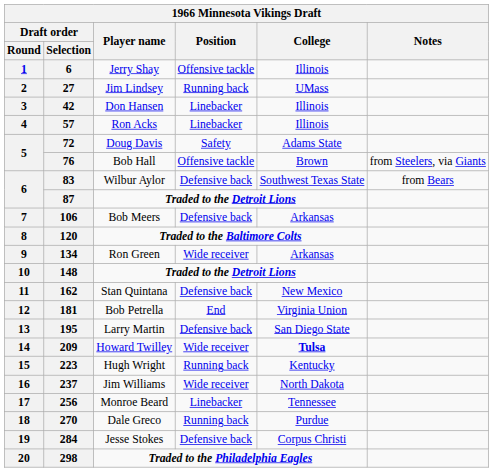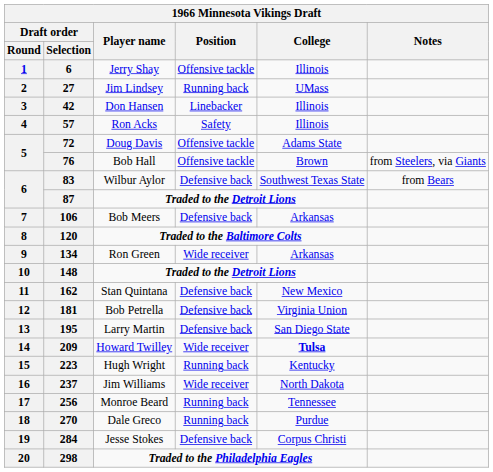 <table class="wikitable" style="text-align:center">
 <tr>
 <th colspan="6">1966 Minnesota Vikings Draft</th>
 </tr>
 <tr>
 <th colspan="2">Draft order</th>
 <th rowspan="2">Player name</th>
 <th rowspan="2">Position</th>
 <th rowspan="2">College</th>
 <th rowspan="2">Notes</th>
 </tr>
 <tr>
 <th>Round</th>
 <th>Selection</th>
 </tr>
 <tr>
 <th><a href='#'>1</a></th>
 <th>6</th>
 <td><a href='#'>Jerry Shay</a></td>
 <td><a href='#'>Offensive tackle</a></td>
 <td><a href='#'>Illinois</a></td>
 <td></td>
 </tr>
 <tr>
 <th>2</th>
 <th>27</th>
 <td><a href='#'>Jim Lindsey</a></td>
 <td><a href='#'>Running back</a></td>
 <td><a href='#'>UMass</a></td>
 <td></td>
 </tr>
 <tr>
 <th>3</th>
 <th>42</th>
 <td><a href='#'>Don Hansen</a></td>
 <td><a href='#'>Linebacker</a></td>
 <td><a href='#'>Illinois</a></td>
 <td></td>
 </tr>
 <tr>
 <th>4</th>
 <th>57</th>
 <td><a href='#'>Ron Acks</a></td>
-<td><a href='#'>Linebacker</a></td>
+<td><a href='#'>Safety</a></td>
 <td><a href='#'>Illinois</a></td>
 <td></td>
 </tr>
 <tr>
 <th rowspan="2">5</th>
 <th>72</th>
 <td><a href='#'>Doug Davis</a></td>
-<td><a href='#'>Safety</a></td>
+<td><a href='#'>Offensive tackle</a></td>
 <td><a href='#'>Adams State</a></td>
 <td></td>
 </tr>
 <tr>
 <th>76</th>
 <td>Bob Hall</td>
 <td><a href='#'>Offensive tackle</a></td>
 <td><a href='#'>Brown</a></td>
 <td>from <a href='#'>Steelers</a>, via <a href='#'>Giants</a></td>
 </tr>
 <tr>
 <th rowspan="2">6</th>
 <th>83</th>
 <td>Wilbur Aylor</td>
 <td><a href='#'>Defensive back</a></td>
 <td><a href='#'>Southwest Texas State</a></td>
 <td>from <a href='#'>Bears</a></td>
 </tr>
 <tr>
 <th>87</th>
 <td colspan="3"><strong><em>Traded to the <a href='#'>Detroit Lions</a></em></strong></td>
 <td></td>
 </tr>
 <tr>
 <th>7</th>
 <th>106</th>
 <td>Bob Meers</td>
 <td><a href='#'>Defensive back</a></td>
 <td><a href='#'>Arkansas</a></td>
 <td></td>
 </tr>
 <tr>
 <th>8</th>
 <th>120</th>
 <td colspan="3"><strong><em>Traded to the <a href='#'>Baltimore Colts</a></em></strong></td>
 <td></td>
 </tr>
 <tr>
 <th>9</th>
 <th>134</th>
 <td>Ron Green</td>
 <td><a href='#'>Wide receiver</a></td>
 <td><a href='#'>Arkansas</a></td>
 <td></td>
 </tr>
 <tr>
 <th>10</th>
 <th>148</th>
 <td colspan="3"><strong><em>Traded to the <a href='#'>Detroit Lions</a></em></strong></td>
 <td></td>
 </tr>
 <tr>
 <th>11</th>
 <th>162</th>
 <td>Stan Quintana</td>
 <td><a href='#'>Defensive back</a></td>
 <td><a href='#'>New Mexico</a></td>
 <td></td>
 </tr>
 <tr>
 <th>12</th>
 <th>181</th>
 <td>Bob Petrella</td>
-<td><a href='#'>End</a></td>
+<td><a href='#'>Defensive back</a></td>
 <td><a href='#'>Virginia Union</a></td>
 <td></td>
 </tr>
 <tr>
 <th>13</th>
 <th>195</th>
 <td>Larry Martin</td>
 <td><a href='#'>Defensive back</a></td>
 <td><a href='#'>San Diego State</a></td>
 <td></td>
 </tr>
 <tr>
 <th>14</th>
 <th>209</th>
 <td><a href='#'>Howard Twilley</a></td>
 <td><a href='#'>Wide receiver</a></td>
 <td><strong><a href='#'>Tulsa</a></strong></td>
 <td></td>
 </tr>
 <tr>
 <th>15</th>
 <th>223</th>
 <td>Hugh Wright</td>
 <td><a href='#'>Running back</a></td>
 <td><a href='#'>Kentucky</a></td>
 <td></td>
 </tr>
 <tr>
 <th>16</th>
 <th>237</th>
 <td>Jim Williams</td>
 <td><a href='#'>Wide receiver</a></td>
 <td><a href='#'>North Dakota</a></td>
 <td></td>
 </tr>
 <tr>
 <th>17</th>
 <th>256</th>
 <td>Monroe Beard</td>
-<td><a href='#'>Linebacker</a></td>
+<td><a href='#'>Running back</a></td>
 <td><a href='#'>Tennessee</a></td>
 <td></td>
 </tr>
 <tr>
 <th>18</th>
 <th>270</th>
 <td>Dale Greco</td>
 <td><a href='#'>Running back</a></td>
 <td><a href='#'>Purdue</a></td>
 <td></td>
 </tr>
 <tr>
 <th>19</th>
 <th>284</th>
 <td>Jesse Stokes</td>
 <td><a href='#'>Defensive back</a></td>
 <td><a href='#'>Corpus Christi</a></td>
 <td></td>
 </tr>
 <tr>
 <th>20</th>
 <th>298</th>
 <td colspan="3"><strong><em>Traded to the <a href='#'>Philadelphia Eagles</a></em></strong></td>
 <td></td>
 </tr>
 </table>
